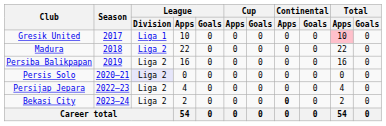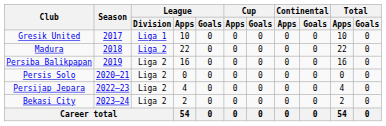 <table class="wikitable" style="text-align:center">
 <tr>
 <th rowspan="2">Club</th>
 <th rowspan="2">Season</th>
 <th colspan="3">League</th>
 <th colspan="2">Cup</th>
 <th colspan="2">Continental</th>
 <th colspan="2">Total</th>
 </tr>
 <tr>
 <th>Division</th>
 <th>Apps</th>
 <th>Goals</th>
 <th>Apps</th>
 <th>Goals</th>
 <th>Apps</th>
 <th>Goals</th>
 <th>Apps</th>
 <th>Goals</th>
 </tr>
 <tr>
 <td rowspan="1" valign="center"><a href='#'>Gresik United</a></td>
 <td><a href='#'>2017</a></td>
 <td><a href='#'>Liga 1</a></td>
 <td>10</td>
 <td>0</td>
 <td>0</td>
 <td>0</td>
 <td>0</td>
 <td>0</td>
-<td style="background: pink;">10</td>
+<td>10</td>
 <td>0</td>
 </tr>
 <tr>
 <td rowspan="1" valign="center"><a href='#'>Madura</a></td>
 <td><a href='#'>2018</a></td>
 <td><a href='#'>Liga 2</a></td>
 <td>22</td>
 <td>0</td>
 <td>0</td>
 <td>0</td>
 <td>0</td>
 <td>0</td>
 <td>22</td>
 <td>0</td>
 </tr>
 <tr>
 <td rowspan="1" valign="center"><a href='#'>Persiba Balikpapan</a></td>
 <td><a href='#'>2019</a></td>
 <td>Liga 2</td>
 <td>16</td>
 <td>0</td>
 <td>0</td>
 <td>0</td>
 <td>0</td>
 <td>0</td>
 <td>16</td>
 <td>0</td>
 </tr>
 <tr>
 <td rowspan="1" valign="center"><a href='#'>Persis Solo</a></td>
 <td><a href='#'>2020–21</a></td>
-<td style="background: lavender;">Liga 2</td>
+<td>Liga 2</td>
 <td>0</td>
 <td>0</td>
 <td>0</td>
 <td>0</td>
 <td>0</td>
 <td>0</td>
 <td>0</td>
 <td>0</td>
 </tr>
 <tr>
 <td rowspan="1" valign="center"><a href='#'>Persijap Jepara</a></td>
 <td><a href='#'>2022–23</a></td>
 <td>Liga 2</td>
 <td>4</td>
 <td>0</td>
 <td>0</td>
 <td>0</td>
 <td>0</td>
 <td>0</td>
 <td>4</td>
 <td>0</td>
 </tr>
 <tr>
 <td rowspan="1" valign="center"><a href='#'>Bekasi City</a></td>
 <td><a href='#'>2023–24</a></td>
 <td>Liga 2</td>
 <td>2</td>
 <td>0</td>
 <td>0</td>
 <td>0</td>
-<td><strong>0</strong></td>
+<td>0</td>
 <td>0</td>
 <td>2</td>
 <td>0</td>
 </tr>
 <tr>
 <th colspan="3">Career total</th>
 <th>54</th>
 <th>0</th>
 <th>0</th>
 <th>0</th>
 <th>0</th>
 <th>0</th>
 <th>54</th>
 <th>0</th>
 </tr>
 </table>
